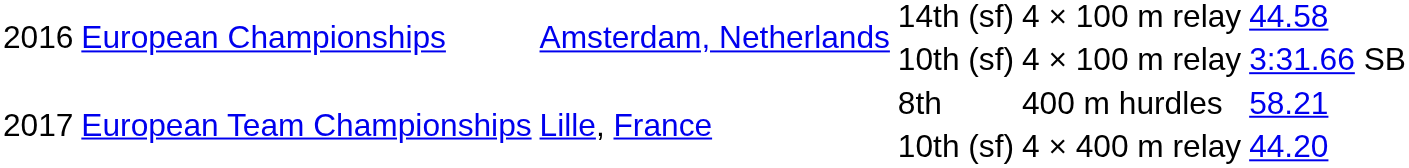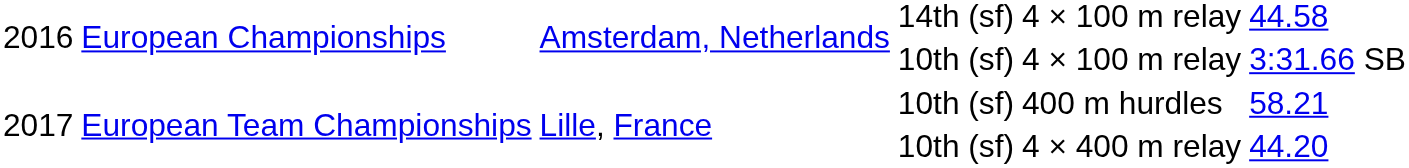 <table>
 <tr>
 <td rowspan=2>2016</td>
 <td rowspan=2><a href='#'>European Championships</a></td>
 <td rowspan=2><a href='#'>Amsterdam, Netherlands</a></td>
 <td>14th (sf)</td>
 <td>4 × 100 m relay</td>
 <td><a href='#'>44.58</a></td>
 </tr>
 <tr>
 <td>10th (sf)</td>
 <td>4 × 100 m relay</td>
 <td><a href='#'>3:31.66</a> SB</td>
 </tr>
 <tr>
 <td rowspan=2>2017</td>
 <td rowspan=2><a href='#'>European Team Championships</a></td>
 <td rowspan=2><a href='#'>Lille</a>, <a href='#'>France</a></td>
-<td>8th</td>
+<td>10th (sf)</td>
 <td>400 m hurdles</td>
 <td><a href='#'>58.21</a></td>
 </tr>
 <tr>
 <td>10th (sf)</td>
 <td>4 × 400 m relay</td>
 <td><a href='#'>44.20</a></td>
 </tr>
 </table>
